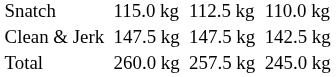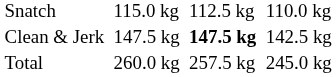 <table>
 <tr>
 <td>Snatch</td>
 <td></td>
 <td>115.0 kg</td>
 <td></td>
 <td>112.5 kg</td>
 <td></td>
 <td>110.0 kg</td>
 </tr>
 <tr>
 <td>Clean & Jerk</td>
 <td></td>
 <td>147.5 kg</td>
 <td></td>
-<td>147.5 kg</td>
+<td><strong>147.5 kg</strong></td>
 <td></td>
 <td>142.5 kg</td>
 </tr>
 <tr>
 <td>Total</td>
 <td></td>
 <td>260.0 kg</td>
 <td></td>
 <td>257.5 kg</td>
 <td></td>
 <td>245.0 kg</td>
 </tr>
 </table>
